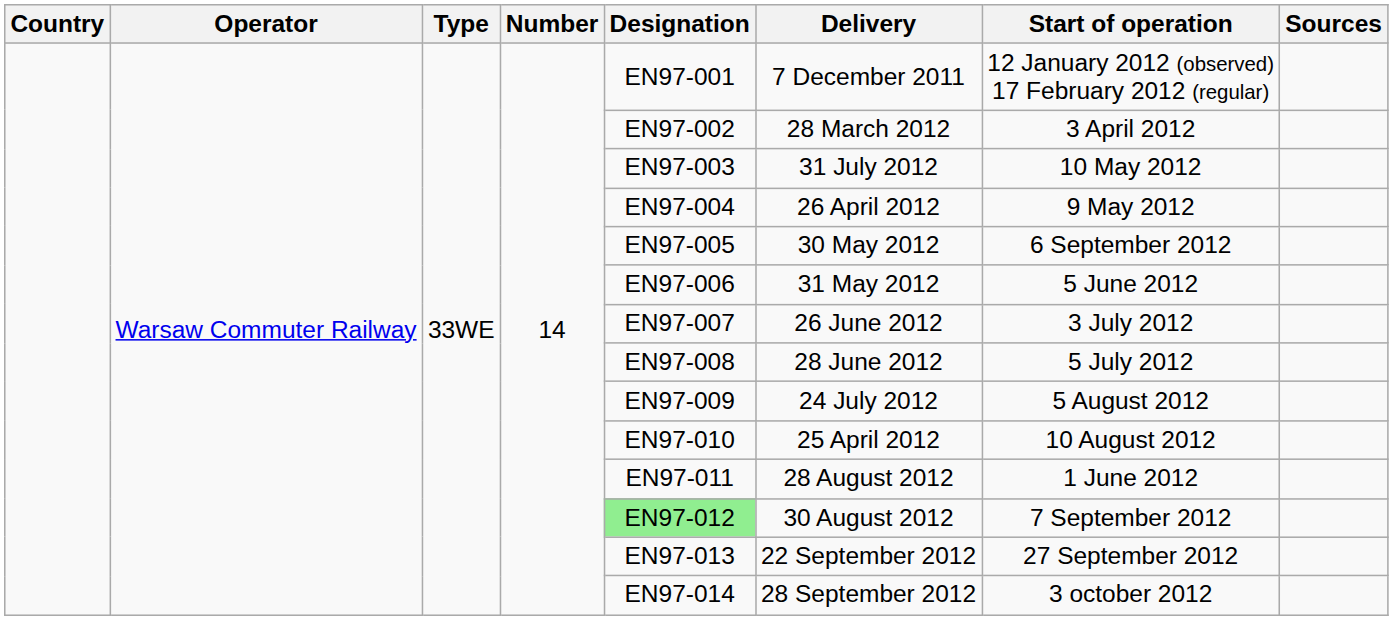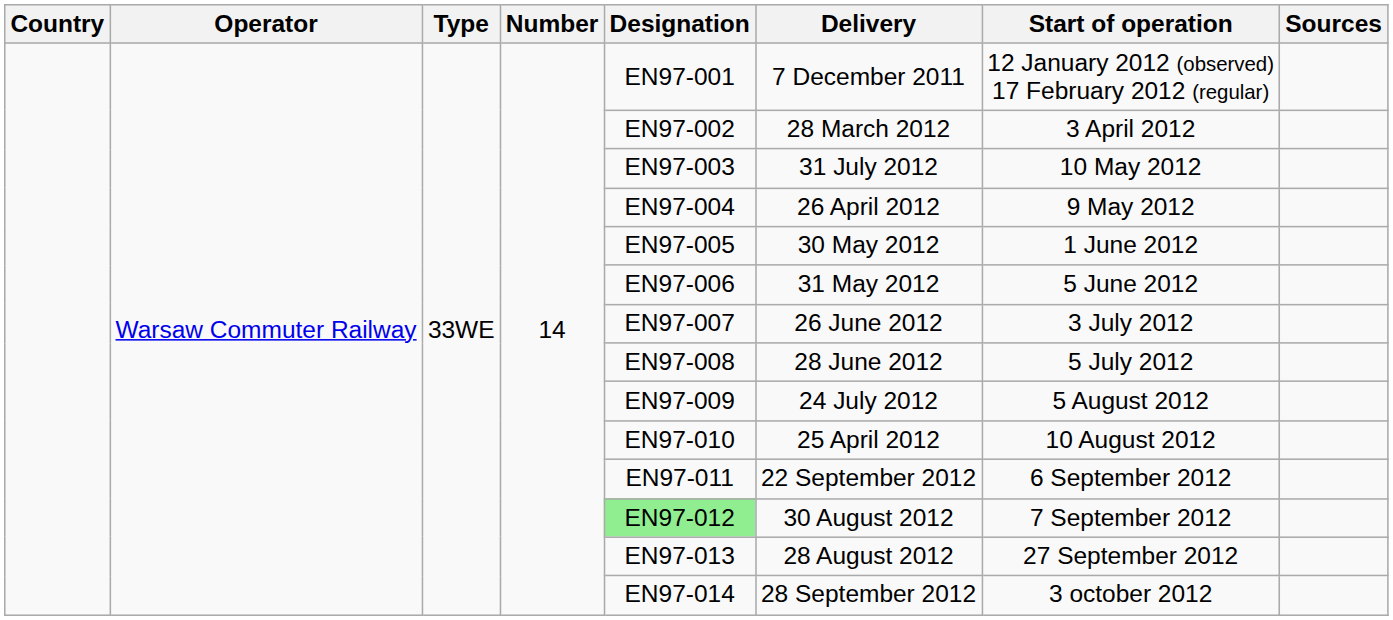 <table class="wikitable" style="text-align:center;">
 <tr>
 <th>Country</th>
 <th>Operator</th>
 <th>Type</th>
 <th>Number</th>
 <th>Designation</th>
 <th>Delivery</th>
 <th>Start of operation</th>
 <th>Sources</th>
 </tr>
 <tr>
 <td rowspan="14" align="left"></td>
 <td rowspan="14"><a href='#'>Warsaw Commuter Railway</a></td>
 <td rowspan="14">33WE</td>
 <td rowspan="14">14</td>
 <td>EN97-001</td>
 <td>7 December 2011</td>
 <td>12 January 2012 <small>(observed)</small><br>17 February 2012 <small>(regular)</small></td>
 <td></td>
 </tr>
 <tr>
 <td>EN97-002</td>
 <td>28 March 2012</td>
 <td>3 April 2012</td>
 <td></td>
 </tr>
 <tr>
 <td>EN97-003</td>
 <td>31 July 2012</td>
 <td>10 May 2012</td>
 <td></td>
 </tr>
 <tr>
 <td>EN97-004</td>
 <td>26 April 2012</td>
 <td>9 May 2012</td>
 <td></td>
 </tr>
 <tr>
 <td>EN97-005</td>
 <td>30 May 2012</td>
-<td>6 September 2012</td>
+<td>1 June 2012</td>
 <td></td>
 </tr>
 <tr>
 <td>EN97-006</td>
 <td>31 May 2012</td>
 <td>5 June 2012</td>
 <td></td>
 </tr>
 <tr>
 <td>EN97-007</td>
 <td>26 June 2012</td>
 <td>3 July 2012</td>
 <td></td>
 </tr>
 <tr>
 <td>EN97-008</td>
 <td>28 June 2012</td>
 <td>5 July 2012</td>
 <td></td>
 </tr>
 <tr>
 <td>EN97-009</td>
 <td>24 July 2012</td>
 <td>5 August 2012</td>
 <td></td>
 </tr>
 <tr>
 <td>EN97-010</td>
 <td>25 April 2012</td>
 <td>10 August 2012</td>
 <td></td>
 </tr>
 <tr>
 <td>EN97-011</td>
-<td>28 August 2012</td>
-<td>1 June 2012</td>
+<td>22 September 2012</td>
+<td>6 September 2012</td>
 <td></td>
 </tr>
 <tr>
 <td style="background: lightgreen;">EN97-012</td>
 <td>30 August 2012</td>
 <td>7 September 2012</td>
 <td></td>
 </tr>
 <tr>
 <td>EN97-013</td>
-<td>22 September 2012</td>
+<td>28 August 2012</td>
 <td>27 September 2012</td>
 <td></td>
 </tr>
 <tr>
 <td>EN97-014</td>
 <td>28 September 2012</td>
 <td>3 october 2012</td>
 <td></td>
 </tr>
 </table>
